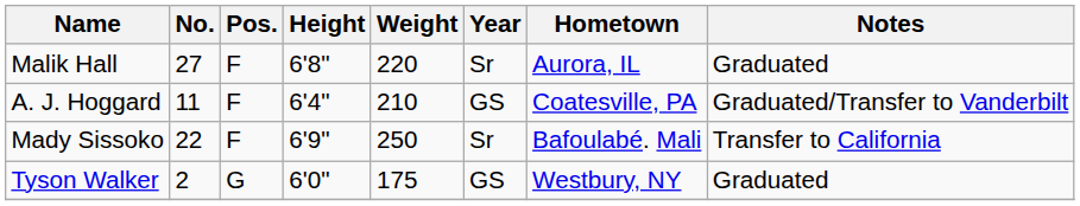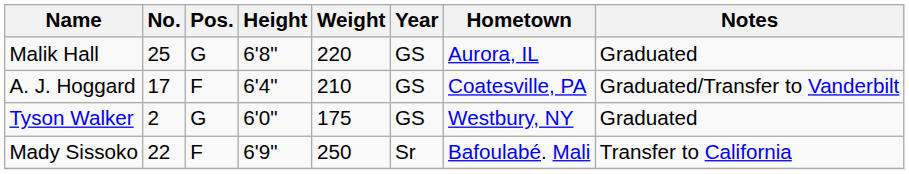 <table class="wikitable sortable" border="1">
 <tr align="center">
 <th>Name</th>
 <th>No.</th>
 <th>Pos.</th>
 <th>Height</th>
 <th>Weight</th>
 <th>Year</th>
 <th>Hometown</th>
 <th>Notes</th>
 </tr>
 <tr>
 <td>Malik Hall</td>
-<td>27</td>
-<td>F</td>
+<td>25</td>
+<td>G</td>
 <td>6'8"</td>
 <td>220</td>
-<td>Sr</td>
+<td>GS</td>
 <td><a href='#'>Aurora, IL</a></td>
 <td>Graduated</td>
 </tr>
 <tr>
 <td>A. J. Hoggard</td>
-<td>11</td>
+<td>17</td>
 <td>F</td>
 <td>6'4"</td>
 <td>210</td>
 <td>GS</td>
 <td><a href='#'>Coatesville, PA</a></td>
 <td>Graduated/Transfer to <a href='#'>Vanderbilt</a></td>
+</tr>
+<tr>
+<td><a href='#'>Tyson Walker</a></td>
+<td>2</td>
+<td>G</td>
+<td>6'0"</td>
+<td>175</td>
+<td>GS</td>
+<td><a href='#'>Westbury, NY</a></td>
+<td>Graduated</td>
 </tr>
 <tr>
 <td>Mady Sissoko</td>
 <td>22</td>
 <td>F</td>
 <td>6'9"</td>
 <td>250</td>
 <td>Sr</td>
 <td><a href='#'>Bafoulabé</a>. <a href='#'>Mali</a></td>
 <td>Transfer to <a href='#'>California</a></td>
 </tr>
 <tr>
-<td><a href='#'>Tyson Walker</a></td>
-<td>2</td>
-<td>G</td>
-<td>6'0"</td>
-<td>175</td>
-<td>GS</td>
-<td><a href='#'>Westbury, NY</a></td>
-<td>Graduated</td>
-</tr>
-<tr>
 </tr>
 </table>
